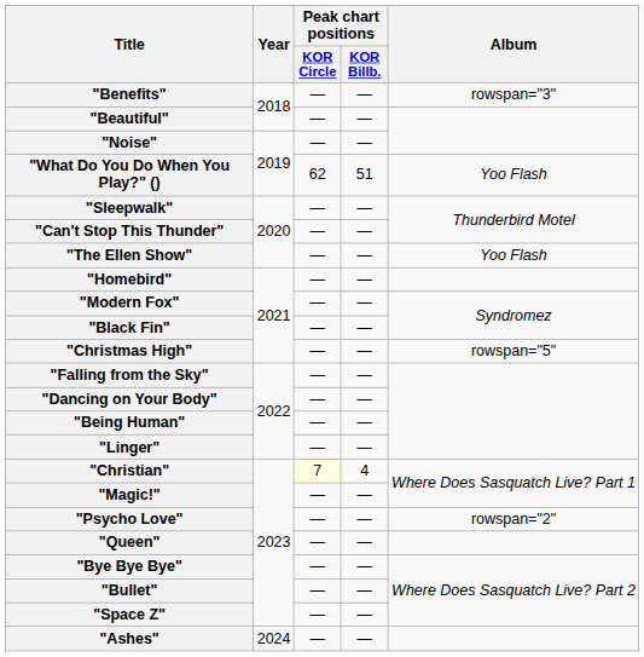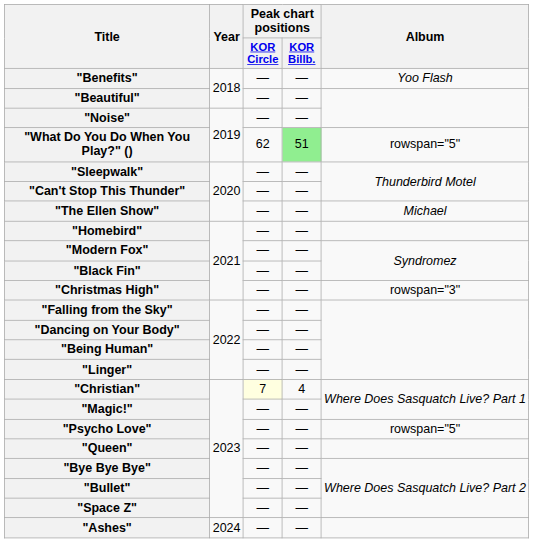 <table class="wikitable plainrowheaders" style="text-align:center;" border="1">
 <tr>
 <th scope="col" rowspan="2" style="width:16em;">Title</th>
 <th scope="col" rowspan="2">Year</th>
 <th scope="col" colspan="2">Peak chart positions</th>
 <th scope="col" rowspan="2">Album</th>
 </tr>
 <tr>
 <th scope="col" style="width:3em;font-size:90%;"><a href='#'>KOR Circle</a><br></th>
 <th scope="col" style="width:3em;font-size:90%;"><a href='#'>KOR Billb.</a><br></th>
 </tr>
 <tr>
 <th scope="row">"Benefits"</th>
 <td rowspan="2">2018</td>
 <td>—</td>
 <td>—</td>
-<td>rowspan="3" </td>
+<td><em>Yoo Flash</em></td>
 </tr>
 <tr>
 <th scope="row">"Beautiful"</th>
 <td>—</td>
 <td>—</td>
 </tr>
 <tr>
 <th scope="row">"Noise"<br></th>
 <td rowspan="2">2019</td>
 <td>—</td>
 <td>—</td>
 </tr>
 <tr>
 <th scope="row">"What Do You Do When You Play?" ()<br></th>
 <td>62</td>
-<td>51</td>
-<td><em>Yoo Flash</em></td>
+<td style="background: lightgreen;">51</td>
+<td>rowspan="5" </td>
 </tr>
 <tr>
 <th scope="row">"Sleepwalk"</th>
 <td rowspan="3">2020</td>
 <td>—</td>
 <td>—</td>
 <td rowspan="2"><em>Thunderbird Motel</em></td>
 </tr>
 <tr>
 <th scope="row">"Can't Stop This Thunder"</th>
 <td>—</td>
 <td>—</td>
 </tr>
 <tr>
 <th scope="row">"The Ellen Show"<br></th>
 <td>—</td>
 <td>—</td>
-<td><em>Yoo Flash</em></td>
+<td><em>Michael</em></td>
 </tr>
 <tr>
 <th scope="row">"Homebird"</th>
 <td rowspan="4">2021</td>
 <td>—</td>
 <td>—</td>
 <td></td>
 </tr>
 <tr>
 <th scope="row">"Modern Fox"</th>
 <td>—</td>
 <td>—</td>
 <td rowspan="2"><em>Syndromez</em></td>
 </tr>
 <tr>
 <th scope="row">"Black Fin"</th>
 <td>—</td>
 <td>—</td>
 </tr>
 <tr>
 <th scope="row">"Christmas High"</th>
 <td>—</td>
 <td>—</td>
-<td>rowspan="5" </td>
+<td>rowspan="3" </td>
 </tr>
 <tr>
 <th scope="row">"Falling from the Sky"</th>
 <td rowspan="4">2022</td>
 <td>—</td>
 <td>—</td>
 </tr>
 <tr>
 <th scope="row">"Dancing on Your Body"<br></th>
 <td>—</td>
 <td>—</td>
 </tr>
 <tr>
 <th scope="row">"Being Human"</th>
 <td>—</td>
 <td>—</td>
 </tr>
 <tr>
 <th scope="row">"Linger"<br></th>
 <td>—</td>
 <td>—</td>
 </tr>
 <tr>
 <th scope="row">"Christian"</th>
 <td rowspan="7">2023</td>
 <td style="background: lightyellow;">7</td>
 <td>4</td>
 <td rowspan="2"><em>Where Does Sasquatch Live? Part 1</em></td>
 </tr>
 <tr>
 <th scope="row">"Magic!"</th>
 <td>—</td>
 <td>—</td>
 </tr>
 <tr>
 <th scope="row">"Psycho Love"</th>
 <td>—</td>
 <td>—</td>
-<td>rowspan="2" </td>
+<td>rowspan="5" </td>
 </tr>
 <tr>
 <th scope="row">"Queen"</th>
 <td>—</td>
 <td>—</td>
 </tr>
 <tr>
 <th scope="row">"Bye Bye Bye"</th>
 <td>—</td>
 <td>—</td>
 <td rowspan="3"><em>Where Does Sasquatch Live? Part 2</em></td>
 </tr>
 <tr>
 <th scope="row">"Bullet"</th>
 <td>—</td>
 <td>—</td>
 </tr>
 <tr>
 <th scope="row">"Space Z"</th>
 <td>—</td>
 <td>—</td>
 </tr>
 <tr>
 <th scope="row">"Ashes"<br></th>
 <td>2024</td>
 <td>—</td>
 <td>—</td>
 <td></td>
 </tr>
 </table>
